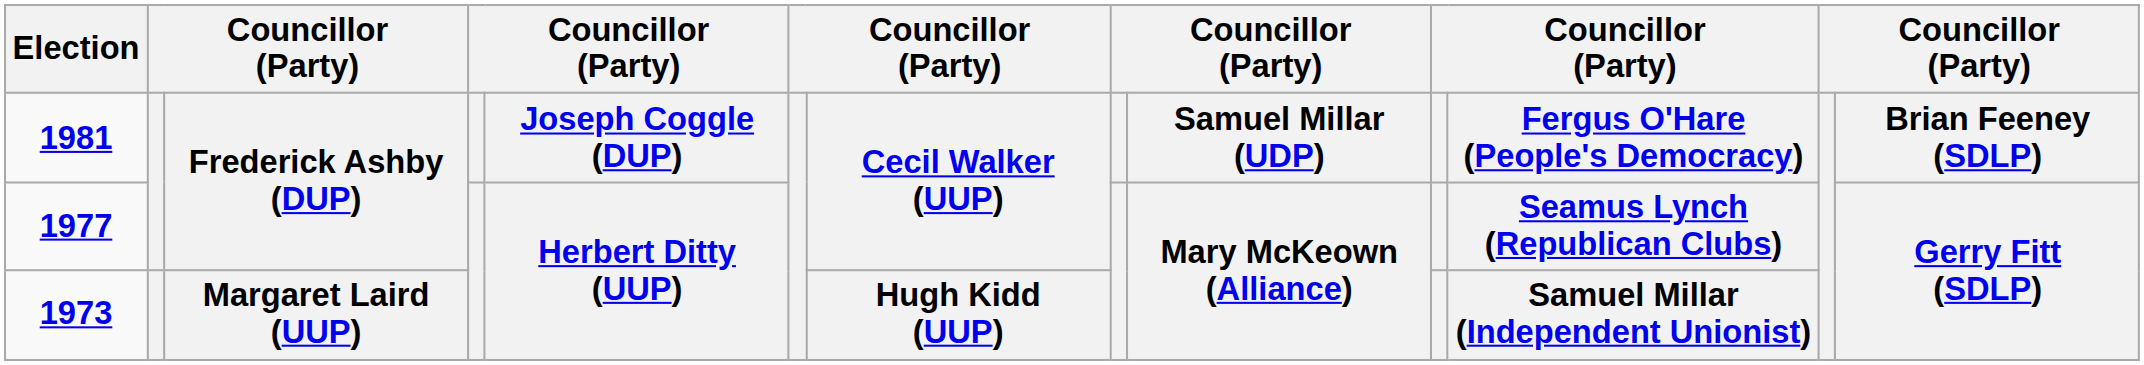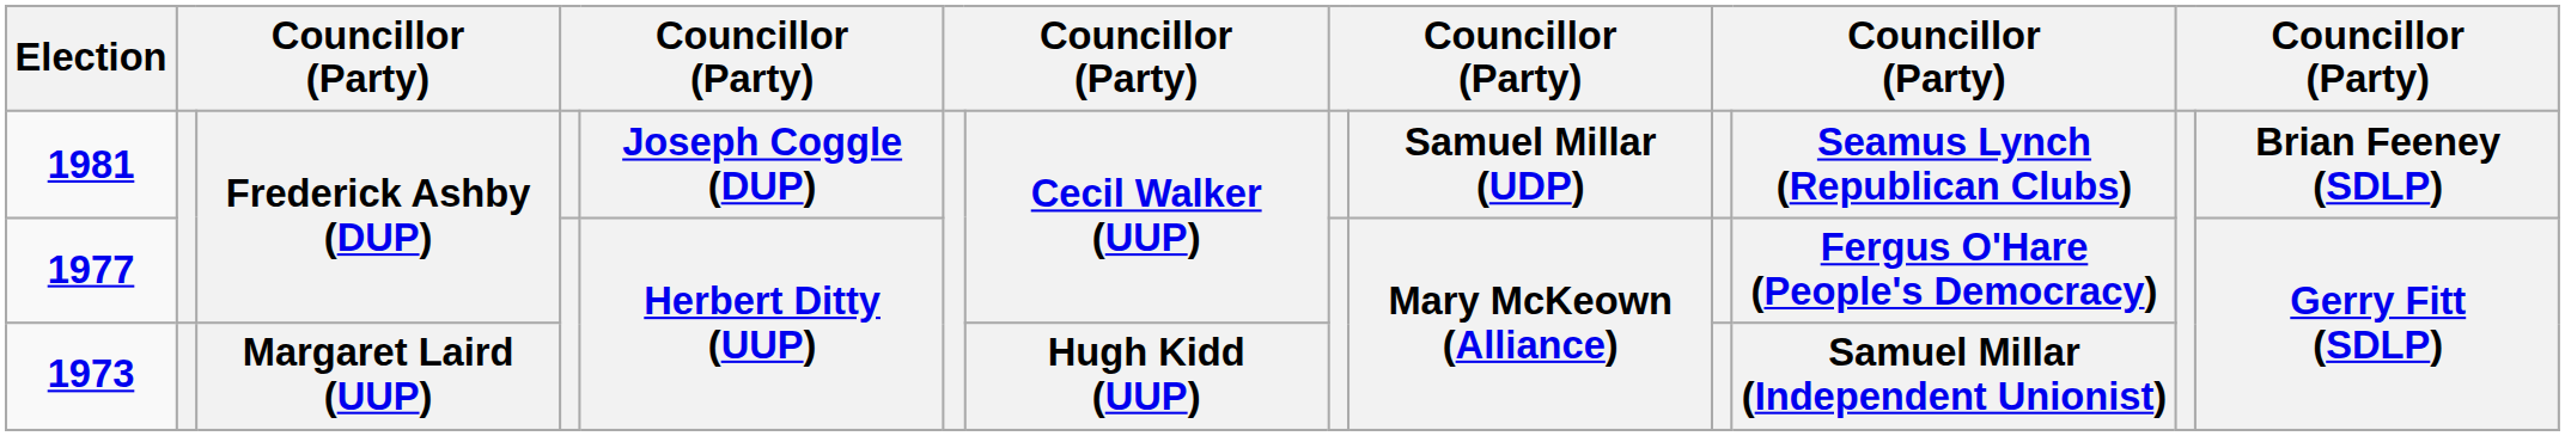 <table class="wikitable" style="text-align:center">
 <tr>
 <th scope="col" width="50">Election</th>
 <th scope="col" width="150" colspan = "2">Councillor<br> (Party)</th>
 <th scope="col" width="150" colspan = "2">Councillor<br> (Party)</th>
 <th scope="col" width="150" colspan = "2">Councillor<br> (Party)</th>
 <th scope="col" width="150" colspan = "2">Councillor<br> (Party)</th>
 <th scope="col" width="150" colspan = "2">Councillor<br> (Party)</th>
 <th scope="col" width="150" colspan = "2">Councillor<br> (Party)</th>
 </tr>
 <tr>
 <td><strong><a href='#'>1981</a></strong></td>
 <th rowspan="2" width="1" style="background-color: "></th>
 <th rowspan = "2">Frederick Ashby <br> (<a href='#'>DUP</a>)</th>
 <th rowspan="1" width="1" style="background-color: "></th>
 <th rowspan = "1"><a href='#'>Joseph Coggle</a> <br> (<a href='#'>DUP</a>)</th>
 <th rowspan="3" width="1" style="background-color: "></th>
 <th rowspan = "2"><a href='#'>Cecil Walker</a> <br> (<a href='#'>UUP</a>)</th>
 <th rowspan="1" width="1" style="background-color: "></th>
 <th rowspan = "1">Samuel Millar <br> (<a href='#'>UDP</a>)</th>
 <th rowspan="1" width="1" style="background-color: "></th>
-<th rowspan = "1"><a href='#'>Fergus O'Hare</a> <br> (<a href='#'>People's Democracy</a>)</th>
+<th rowspan = "1"><a href='#'>Seamus Lynch</a> <br> (<a href='#'>Republican Clubs</a>)</th>
 <th rowspan="3" width="1" style="background-color: "></th>
 <th rowspan = "1">Brian Feeney <br> (<a href='#'>SDLP</a>)</th>
 </tr>
 <tr>
 <td><strong><a href='#'>1977</a></strong></td>
 <th rowspan="2" width="1" style="background-color: "></th>
 <th rowspan = "2"><a href='#'>Herbert Ditty</a> <br> (<a href='#'>UUP</a>)</th>
 <th rowspan="2" width="1" style="background-color: "></th>
 <th rowspan = "2">Mary McKeown <br> (<a href='#'>Alliance</a>)</th>
 <th rowspan="1" width="1" style="background-color: "></th>
-<th rowspan = "1"><a href='#'>Seamus Lynch</a> <br> (<a href='#'>Republican Clubs</a>)</th>
+<th rowspan = "1"><a href='#'>Fergus O'Hare</a> <br> (<a href='#'>People's Democracy</a>)</th>
 <th rowspan = "2"><a href='#'>Gerry Fitt</a> <br> (<a href='#'>SDLP</a>)</th>
 </tr>
 <tr>
 <td><strong><a href='#'>1973</a></strong></td>
 <th rowspan="1" width="1" style="background-color: "></th>
 <th rowspan = "1">Margaret Laird <br> (<a href='#'>UUP</a>)</th>
 <th rowspan = "1">Hugh Kidd <br> (<a href='#'>UUP</a>)</th>
 <th rowspan="1" width="1" style="background-color: "></th>
 <th rowspan = "1">Samuel Millar <br> (<a href='#'>Independent Unionist</a>)</th>
 </tr>
 </table>
